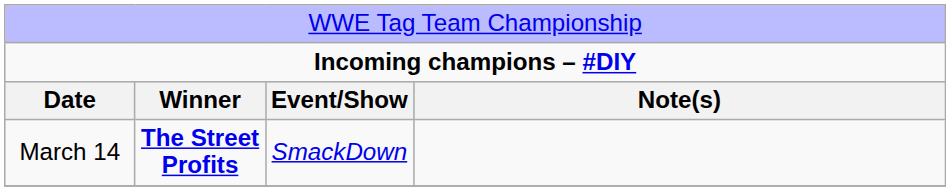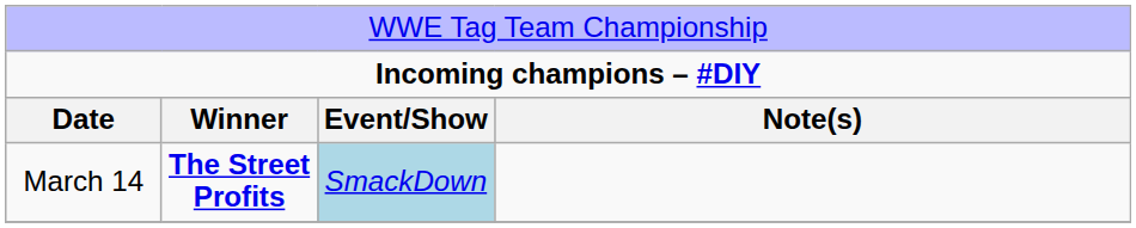 <table class="wikitable" style="text-align:center; width:100%;">
 <tr style="background:#BBF;">
 <td colspan="4" style="text-align: center;"><a href='#'>WWE Tag Team Championship</a></td>
 </tr>
 <tr>
 <td colspan="4" style="text-align: center;"><strong>Incoming champions – <a href='#'>#DIY</a> </strong></td>
 </tr>
 <tr>
 <th width="14%">Date</th>
 <th width="14%">Winner</th>
 <th width="14%">Event/Show</th>
 <th width="58%">Note(s)</th>
 </tr>
 <tr>
 <td>March 14</td>
 <td><strong><a href='#'>The Street Profits</a><br></strong></td>
-<td><em><a href='#'>SmackDown</a></em></td>
+<td style="background: lightblue;"><em><a href='#'>SmackDown</a></em></td>
 <td></td>
 </tr>
 <tr>
 </tr>
 </table>
